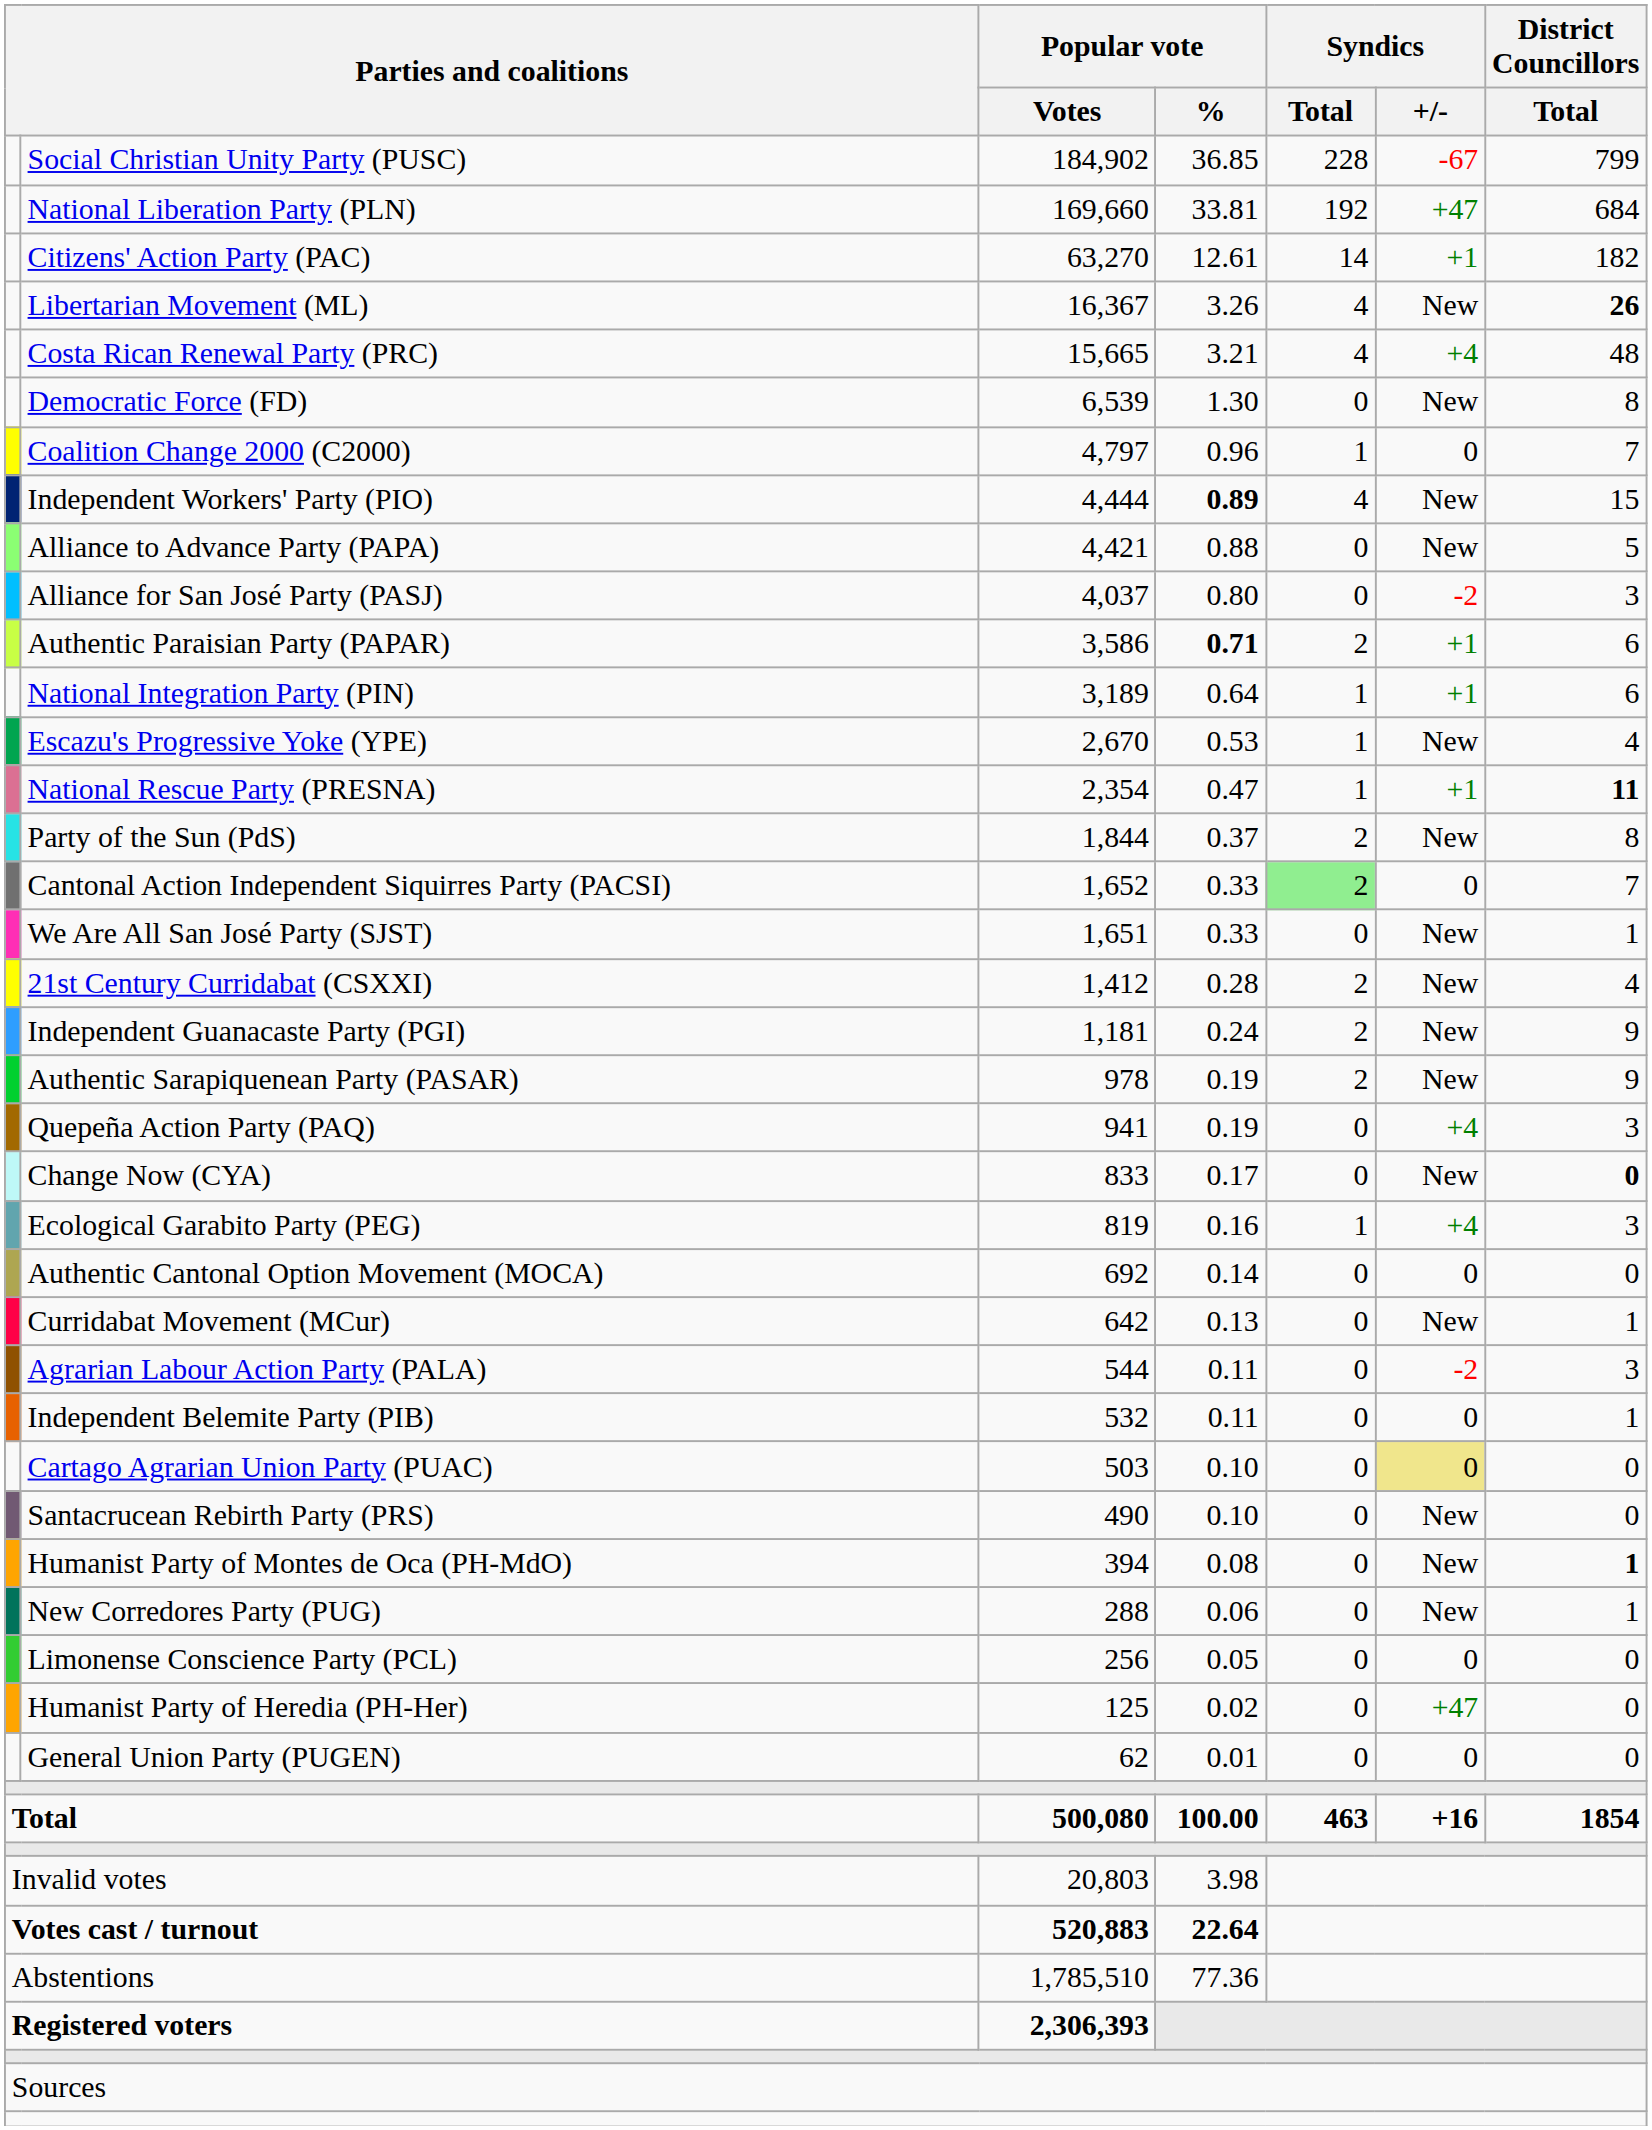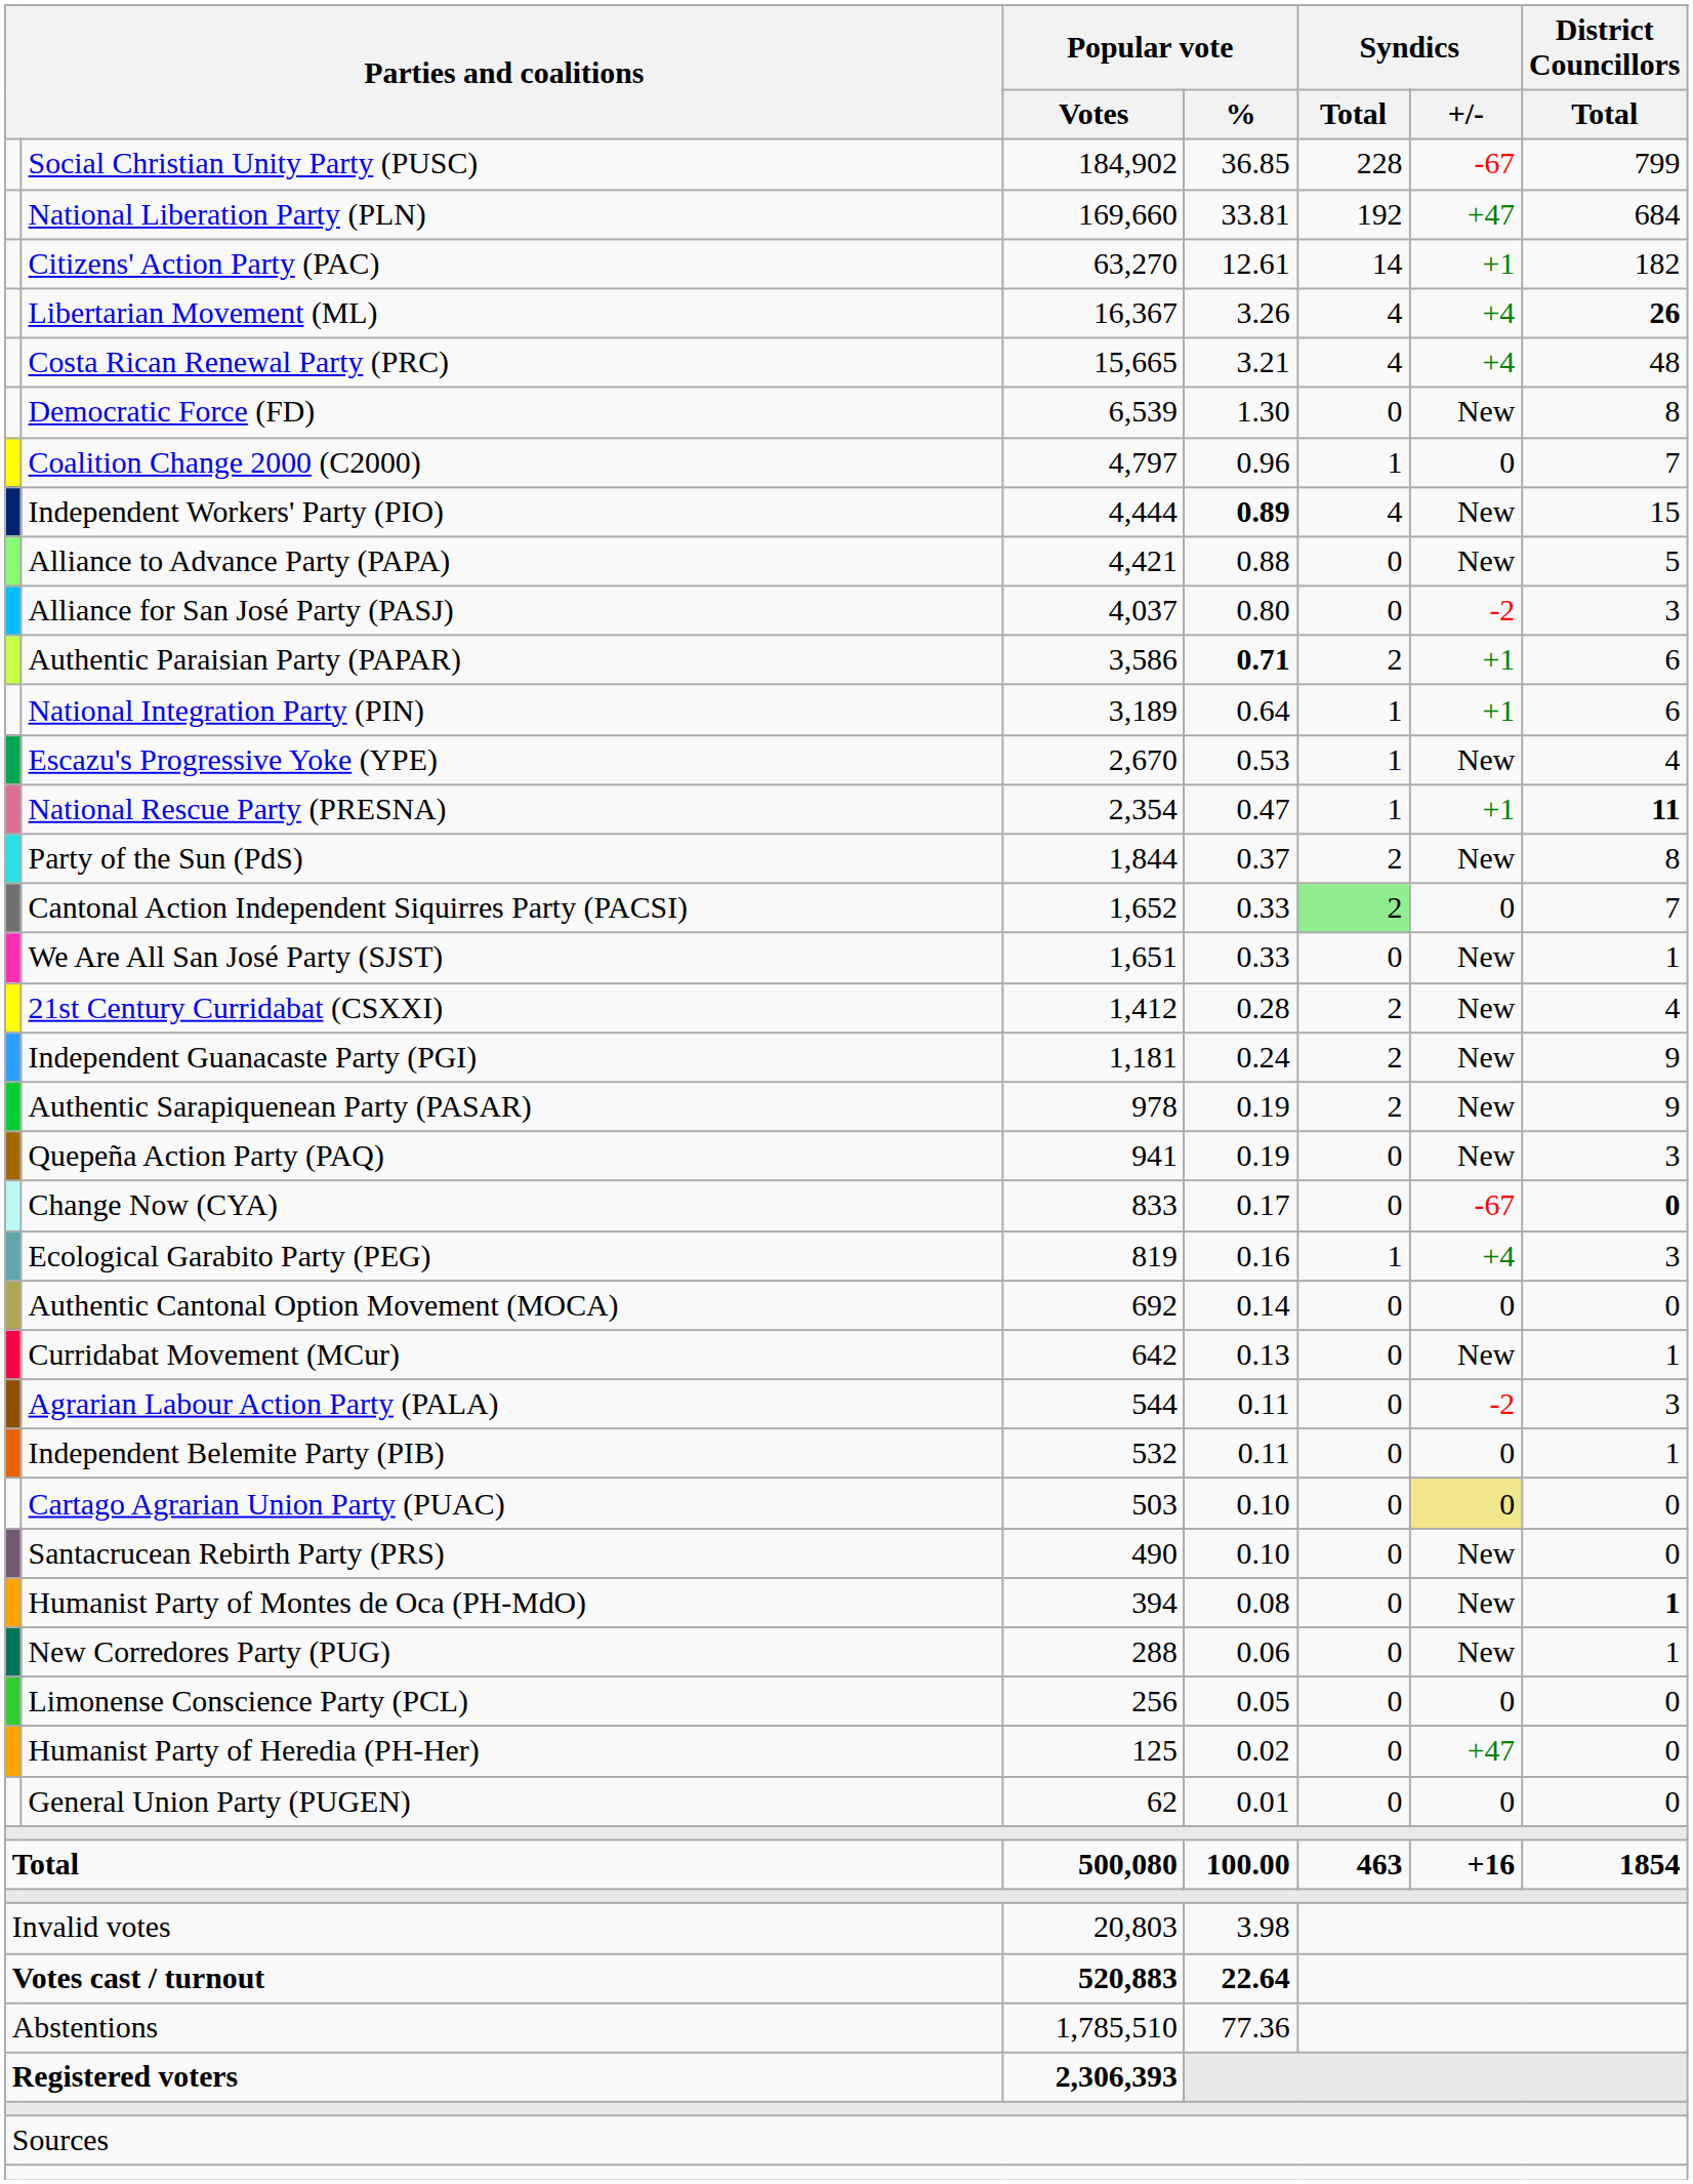 <table class="wikitable" style="text-align:right; font-size:97%;">
 <tr>
 <th style="text-align:centre;" rowspan="2" colspan="2" width="500">Parties and coalitions</th>
 <th colspan="2">Popular vote</th>
 <th colspan="2">Syndics</th>
 <th colspan="1">District Councillors</th>
 </tr>
 <tr>
 <th width="85">Votes</th>
 <th width="50">%</th>
 <th width="50">Total</th>
 <th width="50">+/-</th>
 <th width="50">Total</th>
 </tr>
 <tr>
 <td style="color:inherit;background:"></td>
 <td align="left"><a href='#'>Social Christian Unity Party</a> (PUSC)</td>
 <td>184,902</td>
 <td>36.85</td>
 <td>228</td>
 <td style="color:red;">-67</td>
 <td>799</td>
 </tr>
 <tr>
 <td style="color:inherit;background:"></td>
 <td align="left"><a href='#'>National Liberation Party</a> (PLN)</td>
 <td>169,660</td>
 <td>33.81</td>
 <td>192</td>
 <td style="color:green;">+47</td>
 <td>684</td>
 </tr>
 <tr>
 <td style="color:inherit;background:"></td>
 <td align="left"><a href='#'>Citizens' Action Party</a> (PAC)</td>
 <td>63,270</td>
 <td>12.61</td>
 <td>14</td>
 <td style="color:green;">+1</td>
 <td>182</td>
 </tr>
 <tr>
 <td style="color:inherit;background:"></td>
 <td align="left"><a href='#'>Libertarian Movement</a> (ML)</td>
 <td>16,367</td>
 <td>3.26</td>
 <td>4</td>
-<td>New</td>
+<td style="color:green;">+4</td>
 <td><strong>26</strong></td>
 </tr>
 <tr>
 <td style="color:inherit;background:"></td>
 <td align="left"><a href='#'>Costa Rican Renewal Party</a> (PRC)</td>
 <td>15,665</td>
 <td>3.21</td>
 <td>4</td>
 <td style="color:green;">+4</td>
 <td>48</td>
 </tr>
 <tr>
 <td style="color:inherit;background:"></td>
 <td align="left"><a href='#'>Democratic Force</a> (FD)</td>
 <td>6,539</td>
 <td>1.30</td>
 <td>0</td>
 <td>New</td>
 <td>8</td>
 </tr>
 <tr>
 <td bgcolor="yellow"></td>
 <td align="left"><a href='#'>Coalition Change 2000</a> (C2000)</td>
 <td>4,797</td>
 <td>0.96</td>
 <td>1</td>
 <td>0</td>
 <td>7</td>
 </tr>
 <tr>
 <td style="color:inherit;background:#002373"></td>
 <td align="left">Independent Workers' Party (PIO)</td>
 <td>4,444</td>
 <td><strong>0.89</strong></td>
 <td>4</td>
 <td>New</td>
 <td>15</td>
 </tr>
 <tr>
 <td style="color:inherit;background:#8bff73"></td>
 <td align="left">Alliance to Advance Party (PAPA)</td>
 <td>4,421</td>
 <td>0.88</td>
 <td>0</td>
 <td>New</td>
 <td>5</td>
 </tr>
 <tr>
 <td style="color:inherit;background:#00BFFF"></td>
 <td align="left">Alliance for San José Party (PASJ)</td>
 <td>4,037</td>
 <td>0.80</td>
 <td>0</td>
 <td style="color:red;">-2</td>
 <td>3</td>
 </tr>
 <tr>
 <td style="color:inherit;background:#c8ff45"></td>
 <td align="left">Authentic Paraisian Party (PAPAR)</td>
 <td>3,586</td>
 <td><strong>0.71</strong></td>
 <td>2</td>
 <td style="color:green;">+1</td>
 <td>6</td>
 </tr>
 <tr>
 <td style="color:inherit;background:"></td>
 <td align="left"><a href='#'>National Integration Party</a> (PIN)</td>
 <td>3,189</td>
 <td>0.64</td>
 <td>1</td>
 <td style="color:green;">+1</td>
 <td>6</td>
 </tr>
 <tr>
 <td style="color:inherit;background:#00A550"></td>
 <td align="left"><a href='#'>Escazu's Progressive Yoke</a> (YPE)</td>
 <td>2,670</td>
 <td>0.53</td>
 <td>1</td>
 <td>New</td>
 <td>4</td>
 </tr>
 <tr>
 <td style="color:inherit;background:#DB7093"></td>
 <td align="left"><a href='#'>National Rescue Party</a> (PRESNA)</td>
 <td>2,354</td>
 <td>0.47</td>
 <td>1</td>
 <td style="color:green;">+1</td>
 <td><strong>11</strong></td>
 </tr>
 <tr>
 <td style="color:inherit;background:#27E3E5"></td>
 <td align="left">Party of the Sun (PdS)</td>
 <td>1,844</td>
 <td>0.37</td>
 <td>2</td>
 <td>New</td>
 <td>8</td>
 </tr>
 <tr>
 <td style="color:inherit;background:#707070"></td>
 <td align="left">Cantonal Action Independent Siquirres Party (PACSI)</td>
 <td>1,652</td>
 <td>0.33</td>
 <td style="background: lightgreen;">2</td>
 <td>0</td>
 <td>7</td>
 </tr>
 <tr>
 <td style="color:inherit;background:#ff2eb5"></td>
 <td align="left">We Are All San José Party (SJST)</td>
 <td>1,651</td>
 <td>0.33</td>
 <td>0</td>
 <td>New</td>
 <td>1</td>
 </tr>
 <tr>
 <td style="color:inherit;background:#ffff00"></td>
 <td align="left"><a href='#'>21st Century Curridabat</a> (CSXXI)</td>
 <td>1,412</td>
 <td>0.28</td>
 <td>2</td>
 <td>New</td>
 <td>4</td>
 </tr>
 <tr>
 <td style="color:inherit;background:#2e9eff"></td>
 <td align="left">Independent Guanacaste Party (PGI)</td>
 <td>1,181</td>
 <td>0.24</td>
 <td>2</td>
 <td>New</td>
 <td>9</td>
 </tr>
 <tr>
 <td style="color:inherit;background:#00d02f"></td>
 <td align="left">Authentic Sarapiquenean Party (PASAR)</td>
 <td>978</td>
 <td>0.19</td>
 <td>2</td>
 <td>New</td>
 <td>9</td>
 </tr>
 <tr>
 <td style="color:inherit;background:#a26900"></td>
 <td align="left">Quepeña Action Party (PAQ)</td>
 <td>941</td>
 <td>0.19</td>
 <td>0</td>
-<td style="color:green;">+4</td>
+<td>New</td>
 <td>3</td>
 </tr>
 <tr>
 <td style="color:inherit;background:#BEF8F7"></td>
 <td align="left">Change Now (CYA)</td>
 <td>833</td>
 <td>0.17</td>
 <td>0</td>
-<td>New</td>
+<td style="color:red;">-67</td>
 <td><strong>0</strong></td>
 </tr>
 <tr>
 <td style="color:inherit;background:#61A5AE"></td>
 <td align="left">Ecological Garabito Party (PEG)</td>
 <td>819</td>
 <td>0.16</td>
 <td>1</td>
 <td style="color:green;">+4</td>
 <td>3</td>
 </tr>
 <tr>
 <td style="color:inherit;background:#AEA651"></td>
 <td align="left">Authentic Cantonal Option Movement (MOCA)</td>
 <td>692</td>
 <td>0.14</td>
 <td>0</td>
 <td>0</td>
 <td>0</td>
 </tr>
 <tr>
 <td style="color:inherit;background:#ff0047"></td>
 <td align="left">Curridabat Movement (MCur)</td>
 <td>642</td>
 <td>0.13</td>
 <td>0</td>
 <td>New</td>
 <td>1</td>
 </tr>
 <tr>
 <td style="color:inherit;background:#8f5100"></td>
 <td align="left"><a href='#'>Agrarian Labour Action Party</a> (PALA)</td>
 <td>544</td>
 <td>0.11</td>
 <td>0</td>
 <td style="color:red;">-2</td>
 <td>3</td>
 </tr>
 <tr>
 <td style="color:inherit;background:#e76100"></td>
 <td align="left">Independent Belemite Party (PIB)</td>
 <td>532</td>
 <td>0.11</td>
 <td>0</td>
 <td>0</td>
 <td>1</td>
 </tr>
 <tr>
 <td style="color:inherit;background:"></td>
 <td align="left"><a href='#'>Cartago Agrarian Union Party</a> (PUAC)</td>
 <td>503</td>
 <td>0.10</td>
 <td>0</td>
 <td style="background: khaki;">0</td>
 <td>0</td>
 </tr>
 <tr>
 <td style="color:inherit;background:#715973"></td>
 <td align="left">Santacrucean Rebirth Party (PRS)</td>
 <td>490</td>
 <td>0.10</td>
 <td>0</td>
 <td>New</td>
 <td>0</td>
 </tr>
 <tr>
 <td width="1" bgcolor="orange"></td>
 <td align="left">Humanist Party of Montes de Oca (PH-MdO)</td>
 <td>394</td>
 <td>0.08</td>
 <td>0</td>
 <td>New</td>
 <td><strong>1</strong></td>
 </tr>
 <tr>
 <td style="color:inherit;background:#00735b"></td>
 <td align="left">New Corredores Party (PUG)</td>
 <td>288</td>
 <td>0.06</td>
 <td>0</td>
 <td>New</td>
 <td>1</td>
 </tr>
 <tr>
 <td bgcolor="limegreen"></td>
 <td align="left">Limonense Conscience Party (PCL)</td>
 <td>256</td>
 <td>0.05</td>
 <td>0</td>
 <td>0</td>
 <td>0</td>
 </tr>
 <tr>
 <td width="1" bgcolor="orange"></td>
 <td align="left">Humanist Party of Heredia (PH-Her)</td>
 <td>125</td>
 <td>0.02</td>
 <td>0</td>
 <td style="color:green;">+47</td>
 <td>0</td>
 </tr>
 <tr>
 <td style="color:inherit;background:"></td>
 <td align="left">General Union Party (PUGEN)</td>
 <td>62</td>
 <td>0.01</td>
 <td>0</td>
 <td>0</td>
 <td>0</td>
 </tr>
 <tr>
 <td colspan="7" bgcolor="#E9E9E9"></td>
 </tr>
 <tr style="font-weight:bold;">
 <td align="left" colspan="2">Total</td>
 <td>500,080</td>
 <td>100.00</td>
 <td>463</td>
 <td>+16</td>
 <td>1854</td>
 </tr>
 <tr>
 <td colspan="7" bgcolor="#E9E9E9"></td>
 </tr>
 <tr>
 <td align="left" colspan="2">Invalid votes</td>
 <td>20,803</td>
 <td>3.98</td>
 <td colspan="3"></td>
 </tr>
 <tr style="font-weight:bold;">
 <td align="left" colspan="2">Votes cast / turnout</td>
 <td>520,883</td>
 <td>22.64</td>
 <td colspan="3"></td>
 </tr>
 <tr>
 <td align="left" colspan="2">Abstentions</td>
 <td>1,785,510</td>
 <td>77.36</td>
 <td colspan="3"></td>
 </tr>
 <tr style="font-weight:bold;">
 <td align="left" colspan="2">Registered voters</td>
 <td>2,306,393</td>
 <td bgcolor="#E9E9E9" colspan="4"></td>
 </tr>
 <tr>
 <td colspan="7" bgcolor="#E9E9E9"></td>
 </tr>
 <tr>
 <td align="left" colspan="7">Sources</td>
 </tr>
 <tr>
 <td align="left" colspan="7"></td>
 </tr>
 </table>
